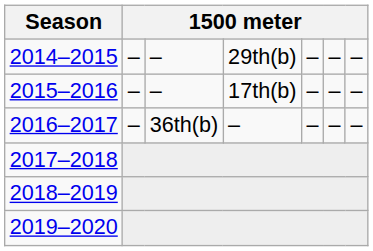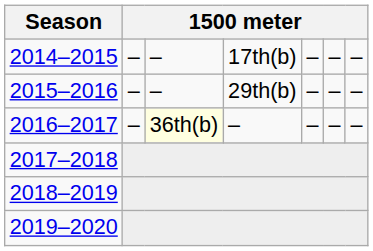 <table class="wikitable" style="display: inline-table;">
 <tr>
 <th>Season</th>
 <th colspan="12">1500 meter</th>
 </tr>
 <tr>
 <td><a href='#'>2014–2015</a></td>
 <td>–</td>
 <td>–</td>
-<td>29th(b)</td>
+<td>17th(b)</td>
 <td>–</td>
 <td>–</td>
 <td>–</td>
 </tr>
 <tr>
 <td><a href='#'>2015–2016</a></td>
 <td>–</td>
 <td>–</td>
-<td>17th(b)</td>
+<td>29th(b)</td>
 <td>–</td>
 <td>–</td>
 <td>–</td>
 </tr>
 <tr>
 <td><a href='#'>2016–2017</a></td>
 <td>–</td>
-<td>36th(b)</td>
+<td style="background: lightyellow;">36th(b)</td>
 <td>–</td>
 <td>–</td>
 <td>–</td>
 <td>–</td>
 </tr>
 <tr>
 <td><a href='#'>2017–2018</a></td>
 <td colspan="12" bgcolor=#EEEEEE></td>
 </tr>
 <tr>
 <td><a href='#'>2018–2019</a></td>
 <td colspan="12" bgcolor=#EEEEEE></td>
 </tr>
 <tr>
 <td><a href='#'>2019–2020</a></td>
 <td colspan="12" bgcolor=#EEEEEE></td>
 </tr>
 </table>
